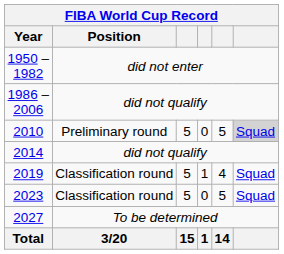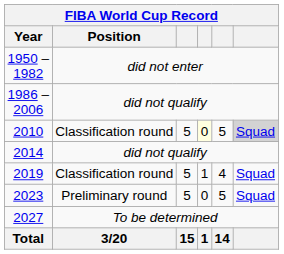 <table class="wikitable"  style="text-align:center; font-size:95%;">
 <tr>
 <th colspan=6><a href='#'>FIBA World Cup Record</a></th>
 </tr>
 <tr>
 <th>Year</th>
 <th>Position</th>
 <th></th>
 <th></th>
 <th></th>
 <th></th>
 </tr>
 <tr>
 <td> <a href='#'>1950</a> –<br> <a href='#'>1982</a></td>
 <td colspan="5" style="text-align:center;"><em>did not enter</em></td>
 </tr>
 <tr>
 <td><a href='#'>1986</a> –<br> <a href='#'>2006</a></td>
 <td colspan="5" style="text-align:center;"><em>did not qualify</em></td>
 </tr>
 <tr>
 <td> <a href='#'> 2010</a></td>
-<td>Preliminary round</td>
+<td>Classification round</td>
 <td>5</td>
-<td>0</td>
+<td style="background: lightyellow;">0</td>
 <td>5</td>
 <td style="background: lightgrey;"><a href='#'>Squad</a></td>
 </tr>
 <tr>
 <td> <a href='#'>2014</a></td>
 <td colspan="5" style="text-align:center;"><em>did not qualify</em></td>
 </tr>
 <tr>
 <td> <a href='#'> 2019</a></td>
 <td>Classification round</td>
 <td>5</td>
 <td>1</td>
 <td>4</td>
 <td><a href='#'>Squad</a></td>
 </tr>
 <tr>
 <td>    <a href='#'>2023</a></td>
-<td>Classification round</td>
+<td>Preliminary round</td>
 <td>5</td>
 <td>0</td>
 <td>5</td>
 <td><a href='#'>Squad</a></td>
 </tr>
 <tr>
 <td>  <a href='#'>2027</a></td>
 <td colspan="5" style="text-align:center;"><em>To be determined</em></td>
 </tr>
 <tr>
 <th>Total</th>
 <th>3/20</th>
 <th>15</th>
 <th>1</th>
 <th>14</th>
 <th></th>
 </tr>
 </table>
